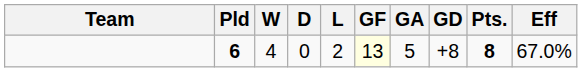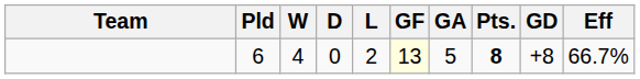 <table class="wikitable" style="text-align: center;">
 <tr>
 <th width="165">Team</th>
 <th width="20">Pld</th>
 <th width="20">W</th>
 <th width="20">D</th>
 <th width="20">L</th>
 <th width="20">GF</th>
 <th width="20">GA</th>
+<th width="20">Pts.</th>
 <th width="20">GD</th>
-<th width="20">Pts.</th>
 <th width="20">Eff</th>
 </tr>
 <tr>
 <td align=left></td>
-<td><strong>6</strong></td>
+<td>6</td>
 <td>4</td>
 <td>0</td>
 <td>2</td>
 <td style="background: lightyellow;">13</td>
 <td>5</td>
+<td><strong>8</strong></td>
 <td>+8</td>
-<td><strong>8</strong></td>
-<td>67.0%</td>
+<td>66.7%</td>
 </tr>
 </table>
